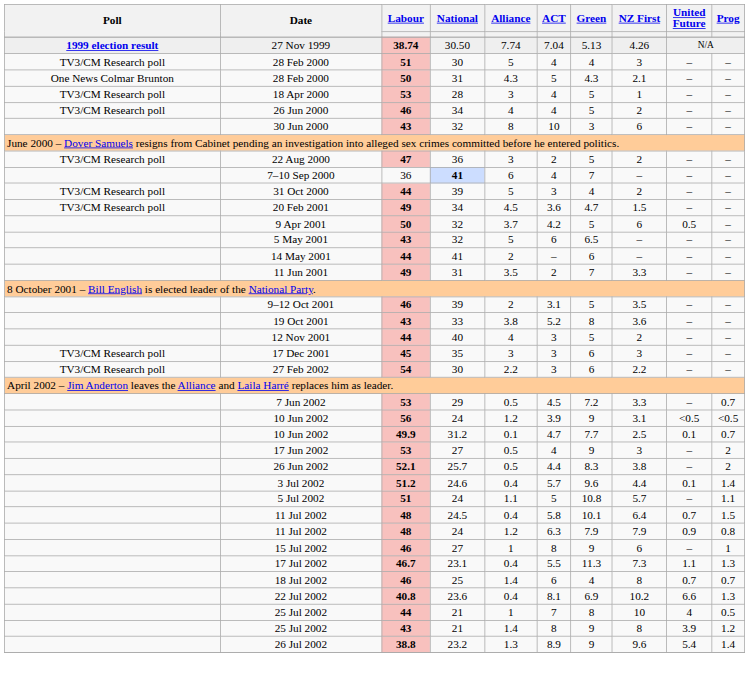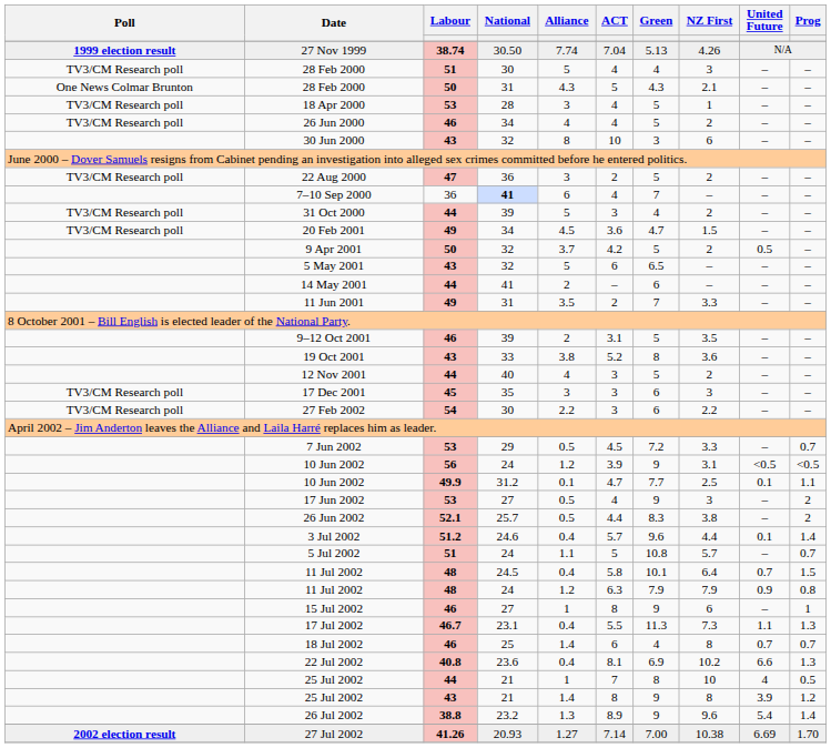 <table class="wikitable sortable" style="width:950px;font-size:90%;line-height:14px;text-align:center;">
 <tr>
 <th style="width:270px;" rowspan="2">Poll</th>
 <th style="width:200px;" rowspan="2">Date</th>
 <th><a href='#'>Labour</a></th>
 <th><a href='#'>National</a></th>
 <th><a href='#'>Alliance</a></th>
 <th><a href='#'>ACT</a></th>
 <th><a href='#'>Green</a></th>
 <th><a href='#'>NZ First</a></th>
 <th><a href='#'>United <br>Future</a></th>
 <th><a href='#'>Prog</a></th>
 </tr>
 <tr>
 <th class="unsortable" style="color:inherit;background:"></th>
 <th class="unsortable" style="color:inherit;background:"></th>
 <th class="unsortable" style="color:inherit;background:"></th>
 <th class="unsortable" style="color:inherit;background:"></th>
 <th class="unsortable" style="color:inherit;background:"></th>
 <th class="unsortable" style="color:inherit;background:"></th>
 <th class="unsortable" style="color:inherit;background:"></th>
 <th class="unsortable" style="color:inherit;background:"></th>
 </tr>
 <tr>
 </tr>
 <tr style="background:#EFEFEF; font-weight:italic;">
 <td><strong><a href='#'>1999 election result</a></strong></td>
 <td data-sort-value="1999-11-27">27 Nov 1999</td>
 <td style="background:#F8C1BE"><strong>38.74</strong></td>
 <td>30.50</td>
 <td>7.74</td>
 <td>7.04</td>
 <td>5.13</td>
 <td>4.26</td>
 <td align="center" colspan="2"><small>N/A</small></td>
 </tr>
 <tr>
 <td>TV3/CM Research poll</td>
 <td data-sort-value="2000-02-28">28 Feb 2000</td>
 <td style="background:#F8C1BE"><strong>51</strong></td>
 <td>30</td>
 <td>5</td>
 <td>4</td>
 <td>4</td>
 <td>3</td>
 <td>–</td>
 <td>–</td>
 </tr>
 <tr>
 <td>One News Colmar Brunton</td>
 <td data-sort-value="2000-02-28">28 Feb 2000</td>
 <td style="background:#F8C1BE"><strong>50</strong></td>
 <td>31</td>
 <td>4.3</td>
 <td>5</td>
 <td>4.3</td>
 <td>2.1</td>
 <td>–</td>
 <td>–</td>
 </tr>
 <tr>
 <td>TV3/CM Research poll</td>
 <td data-sort-value="2000-04-18">18 Apr 2000</td>
 <td style="background:#F8C1BE"><strong>53</strong></td>
 <td>28</td>
 <td>3</td>
 <td>4</td>
 <td>5</td>
 <td>1</td>
 <td>–</td>
 <td>–</td>
 </tr>
 <tr>
 <td>TV3/CM Research poll</td>
 <td data-sort-value="2000-06-26">26 Jun 2000</td>
 <td style="background:#F8C1BE"><strong>46</strong></td>
 <td>34</td>
 <td>4</td>
 <td>4</td>
 <td>5</td>
 <td>2</td>
 <td>–</td>
 <td>–</td>
 </tr>
 <tr>
 <td></td>
 <td data-sort-value="2000-06-30">30 Jun 2000</td>
 <td style="background:#F8C1BE"><strong>43</strong></td>
 <td>32</td>
 <td>8</td>
 <td>10</td>
 <td>3</td>
 <td>6</td>
 <td>–</td>
 <td>–</td>
 </tr>
 <tr>
 <td colspan="10" style="background:#fc9;text-align:left;">June 2000 – <a href='#'>Dover Samuels</a> resigns from Cabinet pending an investigation into alleged sex crimes committed before he entered politics.</td>
 </tr>
 <tr>
 <td>TV3/CM Research poll</td>
 <td data-sort-value="2000-08-22">22 Aug 2000</td>
 <td style="background:#F8C1BE"><strong>47</strong></td>
 <td>36</td>
 <td>3</td>
 <td>2</td>
 <td>5</td>
 <td>2</td>
 <td>–</td>
 <td>–</td>
 </tr>
 <tr>
 <td></td>
 <td data-sort-value="2000-09-10">7–10 Sep 2000</td>
 <td>36</td>
 <td style="background:#CCDDFF"><strong>41</strong></td>
 <td>6</td>
 <td>4</td>
 <td>7</td>
 <td>–</td>
 <td>–</td>
 <td>–</td>
 </tr>
 <tr>
 <td>TV3/CM Research poll</td>
 <td data-sort-value="2000-10-31">31 Oct 2000</td>
 <td style="background:#F8C1BE"><strong>44</strong></td>
 <td>39</td>
 <td>5</td>
 <td>3</td>
 <td>4</td>
 <td>2</td>
 <td>–</td>
 <td>–</td>
 </tr>
 <tr>
 <td>TV3/CM Research poll</td>
 <td data-sort-value="2001-02-20">20 Feb 2001</td>
 <td style="background:#F8C1BE"><strong>49</strong></td>
 <td>34</td>
 <td>4.5</td>
 <td>3.6</td>
 <td>4.7</td>
 <td>1.5</td>
 <td>–</td>
 <td>–</td>
 </tr>
 <tr>
 <td></td>
 <td data-sort-value="2001-04-09">9 Apr 2001</td>
 <td style="background:#F8C1BE"><strong>50</strong></td>
 <td>32</td>
 <td>3.7</td>
 <td>4.2</td>
 <td>5</td>
-<td>6</td>
+<td>2</td>
 <td>0.5</td>
 <td>–</td>
 </tr>
 <tr>
 <td></td>
 <td data-sort-value="2001-05-05">5 May 2001</td>
 <td style="background:#F8C1BE"><strong>43</strong></td>
 <td>32</td>
 <td>5</td>
 <td>6</td>
 <td>6.5</td>
 <td>–</td>
 <td>–</td>
 <td>–</td>
 </tr>
 <tr>
 <td></td>
 <td data-sort-value="2001-05-14">14 May 2001</td>
 <td style="background:#F8C1BE"><strong>44</strong></td>
 <td>41</td>
 <td>2</td>
 <td>–</td>
 <td>6</td>
 <td>–</td>
 <td>–</td>
 <td>–</td>
 </tr>
 <tr>
 <td></td>
 <td data-sort-value="2001-06-11">11 Jun 2001</td>
 <td style="background:#F8C1BE"><strong>49</strong></td>
 <td>31</td>
 <td>3.5</td>
 <td>2</td>
 <td>7</td>
 <td>3.3</td>
 <td>–</td>
 <td>–</td>
 </tr>
 <tr>
 <td colspan="10" style="background:#fc9;text-align:left;">8 October 2001 – <a href='#'>Bill English</a> is elected leader of the <a href='#'>National Party</a>.</td>
 </tr>
 <tr>
 <td></td>
 <td data-sort-value="2001-10-09">9–12 Oct 2001</td>
 <td style="background:#F8C1BE"><strong>46</strong></td>
 <td>39</td>
 <td>2</td>
 <td>3.1</td>
 <td>5</td>
 <td>3.5</td>
 <td>–</td>
 <td>–</td>
 </tr>
 <tr>
 <td></td>
 <td data-sort-value="2001-10-19">19 Oct 2001</td>
 <td style="background:#F8C1BE"><strong>43</strong></td>
 <td>33</td>
 <td>3.8</td>
 <td>5.2</td>
 <td>8</td>
 <td>3.6</td>
 <td>–</td>
 <td>–</td>
 </tr>
 <tr>
 <td></td>
 <td data-sort-value="2001-11-12">12 Nov 2001</td>
 <td style="background:#F8C1BE"><strong>44</strong></td>
 <td>40</td>
 <td>4</td>
 <td>3</td>
 <td>5</td>
 <td>2</td>
 <td>–</td>
 <td>–</td>
 </tr>
 <tr>
 <td>TV3/CM Research poll</td>
 <td data-sort-value="2001-12-17">17 Dec 2001</td>
 <td style="background:#F8C1BE"><strong>45</strong></td>
 <td>35</td>
 <td>3</td>
 <td>3</td>
 <td>6</td>
 <td>3</td>
 <td>–</td>
 <td>–</td>
 </tr>
 <tr>
 <td>TV3/CM Research poll</td>
 <td data-sort-value="2002-02-27">27 Feb 2002</td>
 <td style="background:#F8C1BE"><strong>54</strong></td>
 <td>30</td>
 <td>2.2</td>
 <td>3</td>
 <td>6</td>
 <td>2.2</td>
 <td>–</td>
 <td>–</td>
 </tr>
 <tr>
 <td colspan="10" style="background:#fc9;text-align:left;">April 2002 – <a href='#'>Jim Anderton</a> leaves the <a href='#'>Alliance</a> and <a href='#'>Laila Harré</a> replaces him as leader.</td>
 </tr>
 <tr>
 <td></td>
 <td data-sort-value="2002-06-06">7 Jun 2002</td>
 <td style="background:#F8C1BE"><strong>53</strong></td>
 <td>29</td>
 <td>0.5</td>
 <td>4.5</td>
 <td>7.2</td>
 <td>3.3</td>
 <td>–</td>
 <td>0.7</td>
 </tr>
 <tr>
 <td></td>
 <td data-sort-value="2002-06-10">10 Jun 2002</td>
 <td style="background:#F8C1BE"><strong>56</strong></td>
 <td>24</td>
 <td>1.2</td>
 <td>3.9</td>
 <td>9</td>
 <td>3.1</td>
 <td><0.5</td>
 <td><0.5</td>
 </tr>
 <tr>
 <td></td>
 <td data-sort-value="2002-06-10">10 Jun 2002</td>
 <td style="background:#F8C1BE"><strong>49.9</strong></td>
 <td>31.2</td>
 <td>0.1</td>
 <td>4.7</td>
 <td>7.7</td>
 <td>2.5</td>
 <td>0.1</td>
-<td>0.7</td>
+<td>1.1</td>
 </tr>
 <tr>
 <td></td>
 <td data-sort-value="2002-06-17">17 Jun 2002</td>
 <td style="background:#F8C1BE"><strong>53</strong></td>
 <td>27</td>
 <td>0.5</td>
 <td>4</td>
 <td>9</td>
 <td>3</td>
 <td>–</td>
 <td>2</td>
 </tr>
 <tr>
 <td></td>
 <td data-sort-value="2002-06-26">26 Jun 2002</td>
 <td style="background:#F8C1BE"><strong>52.1</strong></td>
 <td>25.7</td>
 <td>0.5</td>
 <td>4.4</td>
 <td>8.3</td>
 <td>3.8</td>
 <td>–</td>
 <td>2</td>
 </tr>
 <tr>
 <td></td>
 <td data-sort-value="2002-07-03">3 Jul 2002</td>
 <td style="background:#F8C1BE"><strong>51.2</strong></td>
 <td>24.6</td>
 <td>0.4</td>
 <td>5.7</td>
 <td>9.6</td>
 <td>4.4</td>
 <td>0.1</td>
 <td>1.4</td>
 </tr>
 <tr>
 <td></td>
 <td data-sort-value="2002-07-05">5 Jul 2002</td>
 <td style="background:#F8C1BE"><strong>51</strong></td>
 <td>24</td>
 <td>1.1</td>
 <td>5</td>
 <td>10.8</td>
 <td>5.7</td>
 <td>–</td>
-<td>1.1</td>
+<td>0.7</td>
 </tr>
 <tr>
 <td></td>
 <td data-sort-value="2002-07-11">11 Jul 2002</td>
 <td style="background:#F8C1BE"><strong>48</strong></td>
 <td>24.5</td>
 <td>0.4</td>
 <td>5.8</td>
 <td>10.1</td>
 <td>6.4</td>
 <td>0.7</td>
 <td>1.5</td>
 </tr>
 <tr>
 <td></td>
 <td data-sort-value="2002-07-11">11 Jul 2002</td>
 <td style="background:#F8C1BE"><strong>48</strong></td>
 <td>24</td>
 <td>1.2</td>
 <td>6.3</td>
 <td>7.9</td>
 <td>7.9</td>
 <td>0.9</td>
 <td>0.8</td>
 </tr>
 <tr>
 <td></td>
 <td data-sort-value="2002-07-15">15 Jul 2002</td>
 <td style="background:#F8C1BE"><strong>46</strong></td>
 <td>27</td>
 <td>1</td>
 <td>8</td>
 <td>9</td>
 <td>6</td>
 <td>–</td>
 <td>1</td>
 </tr>
 <tr>
 <td></td>
 <td data-sort-value="2002-07-17">17 Jul 2002</td>
 <td style="background:#F8C1BE"><strong>46.7</strong></td>
 <td>23.1</td>
 <td>0.4</td>
 <td>5.5</td>
 <td>11.3</td>
 <td>7.3</td>
 <td>1.1</td>
 <td>1.3</td>
 </tr>
 <tr>
 <td></td>
 <td data-sort-value="2002-07-18">18 Jul 2002</td>
 <td style="background:#F8C1BE"><strong>46</strong></td>
 <td>25</td>
 <td>1.4</td>
 <td>6</td>
 <td>4</td>
 <td>8</td>
 <td>0.7</td>
 <td>0.7</td>
 </tr>
 <tr>
 <td></td>
 <td data-sort-value="2002-07-22">22 Jul 2002</td>
 <td style="background:#F8C1BE"><strong>40.8</strong></td>
 <td>23.6</td>
 <td>0.4</td>
 <td>8.1</td>
 <td>6.9</td>
 <td>10.2</td>
 <td>6.6</td>
 <td>1.3</td>
 </tr>
 <tr>
 <td></td>
 <td data-sort-value="2002-07-25">25 Jul 2002</td>
 <td style="background:#F8C1BE"><strong>44</strong></td>
 <td>21</td>
 <td>1</td>
 <td>7</td>
 <td>8</td>
 <td>10</td>
 <td>4</td>
 <td>0.5</td>
 </tr>
 <tr>
 <td></td>
 <td data-sort-value="2002-07-25">25 Jul 2002</td>
 <td style="background:#F8C1BE"><strong>43</strong></td>
 <td>21</td>
 <td>1.4</td>
 <td>8</td>
 <td>9</td>
 <td>8</td>
 <td>3.9</td>
 <td>1.2</td>
 </tr>
 <tr>
 <td></td>
 <td data-sort-value="2002-07-26">26 Jul 2002</td>
 <td style="background:#F8C1BE"><strong>38.8</strong></td>
 <td>23.2</td>
 <td>1.3</td>
 <td>8.9</td>
 <td>9</td>
 <td>9.6</td>
 <td>5.4</td>
 <td>1.4</td>
 </tr>
 <tr>
 </tr>
+<tr style="background:#EFEFEF; font-weight:italic;">
+<td><strong><a href='#'>2002 election result</a></strong></td>
+<td data-sort-value="2002-07-27">27 Jul 2002</td>
+<td style="background:#F8C1BE"><strong>41.26</strong></td>
+<td>20.93</td>
+<td>1.27</td>
+<td>7.14</td>
+<td>7.00</td>
+<td>10.38</td>
+<td>6.69</td>
+<td>1.70</td>
+</tr>
 <tr>
 </tr>
 </table>
